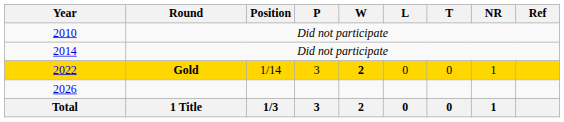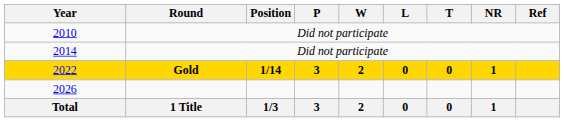 <table class="wikitable" style="text-align: center; width:85%">
 <tr>
 <th width=150>Year</th>
 <th width=150>Round</th>
 <th width=50>Position</th>
 <th width=50>P</th>
 <th width=50>W</th>
 <th width=50>L</th>
 <th width=50>T</th>
 <th width=50>NR</th>
 <th width=50>Ref</th>
 </tr>
 <tr>
 <td> <a href='#'>2010</a></td>
 <td colspan=8><em>Did not participate</em></td>
 </tr>
 <tr>
 <td> <a href='#'>2014</a></td>
 <td colspan=8><em>Did not participate</em></td>
 </tr>
 <tr style="background:gold;">
 <td> <a href='#'>2022</a></td>
 <td><strong>Gold</strong></td>
-<td>1/14</td>
-<td>3</td>
+<td><strong>1/14</strong></td>
+<td><strong>3</strong></td>
 <td><strong>2</strong></td>
-<td>0</td>
-<td>0</td>
-<td>1</td>
+<td><strong>0</strong></td>
+<td><strong>0</strong></td>
+<td><strong>1</strong></td>
 <td></td>
 </tr>
 <tr>
 <td> <a href='#'>2026</a></td>
 <td></td>
 <td></td>
 <td></td>
 <td></td>
 <td></td>
 <td></td>
 <td></td>
 <td></td>
 </tr>
 <tr>
 <th>Total</th>
 <th>1 Title</th>
 <th>1/3</th>
 <th>3</th>
 <th>2</th>
 <th>0</th>
 <th>0</th>
 <th>1</th>
 <th></th>
 </tr>
 </table>
